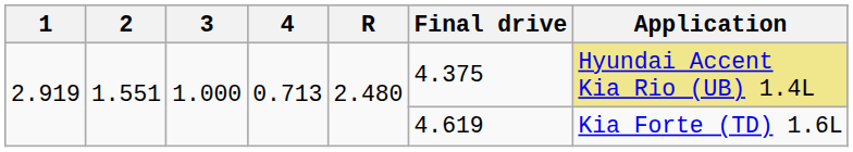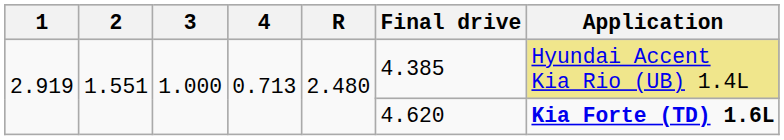 <table class=wikitable>
 <tr>
 <th>1</th>
 <th>2</th>
 <th>3</th>
 <th>4</th>
 <th>R</th>
 <th>Final drive</th>
 <th>Application</th>
 </tr>
 <tr>
 <td rowspan=2>2.919</td>
 <td rowspan=2>1.551</td>
 <td rowspan=2>1.000</td>
 <td rowspan=2>0.713</td>
 <td rowspan=2>2.480</td>
-<td>4.375</td>
+<td>4.385</td>
 <td style="background: khaki;"><a href='#'>Hyundai Accent</a><br><a href='#'>Kia Rio (UB)</a> 1.4L</td>
 </tr>
 <tr>
-<td>4.619</td>
-<td><a href='#'>Kia Forte (TD)</a> 1.6L</td>
+<td>4.620</td>
+<td><strong><a href='#'>Kia Forte (TD)</a> 1.6L</strong></td>
 </tr>
 </table>
